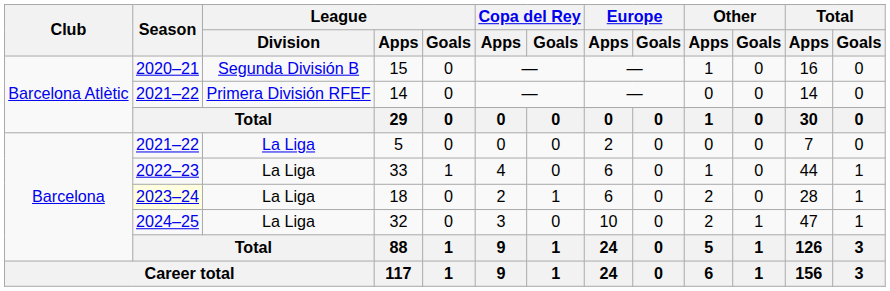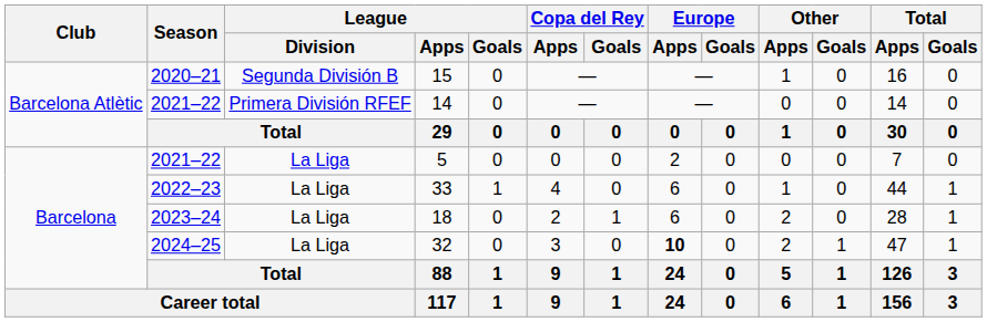 <table class="wikitable" style="text-align: center">
 <tr>
 <th rowspan="2">Club</th>
 <th rowspan="2">Season</th>
 <th colspan="3">League</th>
 <th colspan="2"><a href='#'>Copa del Rey</a></th>
 <th colspan="2"><a href='#'>Europe</a></th>
 <th colspan="2">Other</th>
 <th colspan="2">Total</th>
 </tr>
 <tr>
 <th>Division</th>
 <th>Apps</th>
 <th>Goals</th>
 <th>Apps</th>
 <th>Goals</th>
 <th>Apps</th>
 <th>Goals</th>
 <th>Apps</th>
 <th>Goals</th>
 <th>Apps</th>
 <th>Goals</th>
 </tr>
 <tr>
 <td rowspan="3"><a href='#'>Barcelona Atlètic</a></td>
 <td><a href='#'>2020–21</a></td>
 <td><a href='#'>Segunda División B</a></td>
 <td>15</td>
 <td>0</td>
 <td colspan="2">—</td>
 <td colspan="2">—</td>
 <td>1</td>
 <td>0</td>
 <td>16</td>
 <td>0</td>
 </tr>
 <tr>
 <td><a href='#'>2021–22</a></td>
 <td><a href='#'>Primera División RFEF</a></td>
 <td>14</td>
 <td>0</td>
 <td colspan="2">—</td>
 <td colspan="2">—</td>
 <td>0</td>
 <td>0</td>
 <td>14</td>
 <td>0</td>
 </tr>
 <tr>
 <th colspan="2">Total</th>
 <th>29</th>
 <th>0</th>
 <th>0</th>
 <th>0</th>
 <th>0</th>
 <th>0</th>
 <th>1</th>
 <th>0</th>
 <th>30</th>
 <th>0</th>
 </tr>
 <tr>
 <td rowspan="5"><a href='#'>Barcelona</a></td>
 <td><a href='#'>2021–22</a></td>
 <td><a href='#'>La Liga</a></td>
 <td>5</td>
 <td>0</td>
 <td>0</td>
 <td>0</td>
 <td>2</td>
 <td>0</td>
 <td>0</td>
 <td>0</td>
 <td>7</td>
 <td>0</td>
 </tr>
 <tr>
 <td><a href='#'>2022–23</a></td>
 <td>La Liga</td>
 <td>33</td>
 <td>1</td>
 <td>4</td>
 <td>0</td>
 <td>6</td>
 <td>0</td>
 <td>1</td>
 <td>0</td>
 <td>44</td>
 <td>1</td>
 </tr>
 <tr>
-<td style="background: lightyellow;"><a href='#'>2023–24</a></td>
+<td><a href='#'>2023–24</a></td>
 <td>La Liga</td>
 <td>18</td>
 <td>0</td>
 <td>2</td>
 <td>1</td>
 <td>6</td>
 <td>0</td>
 <td>2</td>
 <td>0</td>
 <td>28</td>
 <td>1</td>
 </tr>
 <tr>
 <td><a href='#'>2024–25</a></td>
 <td>La Liga</td>
 <td>32</td>
 <td>0</td>
 <td>3</td>
 <td>0</td>
-<td>10</td>
+<td><strong>10</strong></td>
 <td>0</td>
 <td>2</td>
 <td>1</td>
 <td>47</td>
 <td>1</td>
 </tr>
 <tr>
 <th colspan="2">Total</th>
 <th>88</th>
 <th>1</th>
 <th>9</th>
 <th>1</th>
 <th>24</th>
 <th>0</th>
 <th>5</th>
 <th>1</th>
 <th>126</th>
 <th>3</th>
 </tr>
 <tr>
 <th colspan="3">Career total</th>
 <th>117</th>
 <th>1</th>
 <th>9</th>
 <th>1</th>
 <th>24</th>
 <th>0</th>
 <th>6</th>
 <th>1</th>
 <th>156</th>
 <th>3</th>
 </tr>
 </table>
